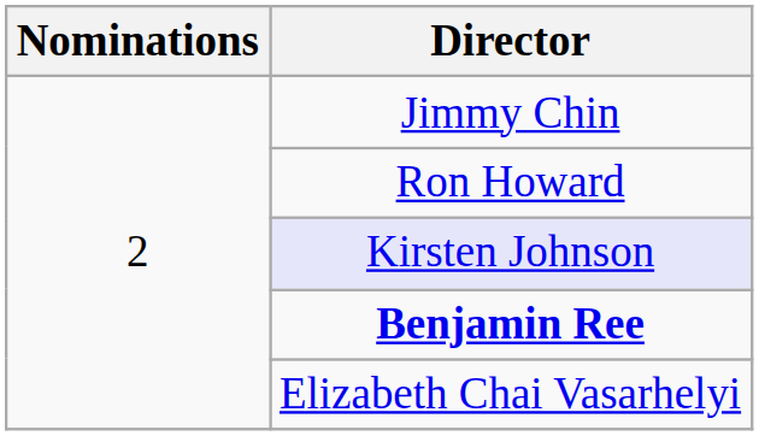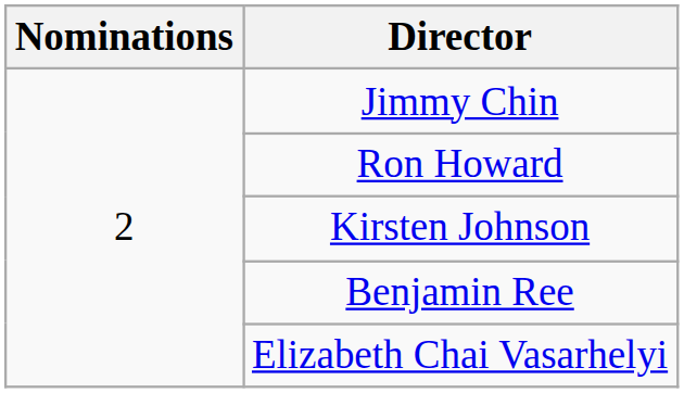 <table class="wikitable" style="text-align:center;">
 <tr>
 <th scope="col" width="55">Nominations</th>
 <th scope="col">Director</th>
 </tr>
 <tr>
 <td rowspan="5">2</td>
 <td><a href='#'>Jimmy Chin</a></td>
 </tr>
 <tr>
 <td><a href='#'>Ron Howard</a></td>
 </tr>
 <tr>
-<td style="background: lavender;"><a href='#'>Kirsten Johnson</a></td>
+<td><a href='#'>Kirsten Johnson</a></td>
 </tr>
 <tr>
-<td><strong><a href='#'>Benjamin Ree</a></strong></td>
+<td><a href='#'>Benjamin Ree</a></td>
 </tr>
 <tr>
 <td><a href='#'>Elizabeth Chai Vasarhelyi</a></td>
 </tr>
 </table>
